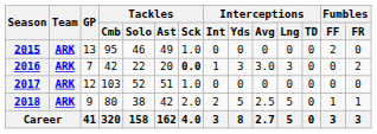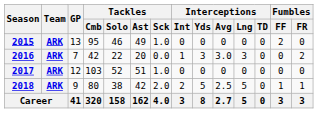 <table class="wikitable" style="text-align:center;">
 <tr>
 <th rowspan="2">Season</th>
 <th rowspan="2">Team</th>
 <th rowspan="2">GP</th>
 <th colspan="4">Tackles</th>
 <th colspan="5">Interceptions</th>
 <th colspan="2">Fumbles</th>
 </tr>
 <tr>
 <th>Cmb</th>
 <th>Solo</th>
 <th>Ast</th>
 <th>Sck</th>
 <th>Int</th>
 <th>Yds</th>
 <th>Avg</th>
 <th>Lng</th>
 <th>TD</th>
 <th>FF</th>
 <th>FR</th>
 </tr>
 <tr>
 <th><a href='#'>2015</a></th>
 <th><a href='#'>ARK</a></th>
 <td>13</td>
 <td>95</td>
 <td>46</td>
 <td>49</td>
 <td>1.0</td>
 <td>0</td>
 <td>0</td>
 <td>0</td>
 <td>0</td>
 <td>0</td>
 <td>2</td>
 <td>0</td>
 </tr>
 <tr>
 <th><a href='#'>2016</a></th>
 <th><a href='#'>ARK</a></th>
 <td>7</td>
 <td>42</td>
 <td>22</td>
 <td>20</td>
-<td><strong>0.0</strong></td>
+<td>0.0</td>
 <td>1</td>
 <td>3</td>
 <td>3.0</td>
 <td>3</td>
 <td>0</td>
 <td>0</td>
 <td>2</td>
 </tr>
 <tr>
 <th><a href='#'>2017</a></th>
 <th><a href='#'>ARK</a></th>
 <td>12</td>
 <td>103</td>
 <td>52</td>
 <td>51</td>
 <td>1.0</td>
 <td>0</td>
 <td>0</td>
 <td>0</td>
 <td>0</td>
 <td>0</td>
 <td>0</td>
 <td>0</td>
 </tr>
 <tr>
 <th><a href='#'>2018</a></th>
 <th><a href='#'>ARK</a></th>
 <td>9</td>
 <td>80</td>
 <td>38</td>
 <td>42</td>
 <td>2.0</td>
 <td>2</td>
 <td>5</td>
 <td>2.5</td>
 <td>5</td>
 <td>0</td>
 <td>1</td>
 <td>1</td>
 </tr>
 <tr>
 <th colspan="2">Career</th>
 <th>41</th>
 <th>320</th>
 <th>158</th>
 <th>162</th>
 <th>4.0</th>
 <th>3</th>
 <th>8</th>
 <th>2.7</th>
 <th>5</th>
 <th>0</th>
 <th>3</th>
 <th>3</th>
 </tr>
 </table>
